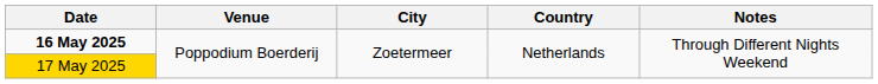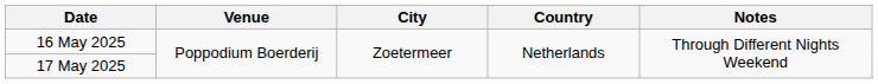 <table class="wikitable" style="text-align:center;">
 <tr>
 <th width="150">Date</th>
 <th width="180">Venue</th>
 <th width="150">City</th>
 <th width="150">Country</th>
 <th width="235">Notes</th>
 </tr>
 <tr>
-<td><strong>16 May 2025</strong></td>
+<td>16 May 2025</td>
 <td rowspan="2">Poppodium Boerderij</td>
 <td rowspan="2">Zoetermeer</td>
 <td rowspan="2">Netherlands</td>
 <td rowspan="2">Through Different Nights Weekend</td>
 </tr>
 <tr>
-<td style="background: gold;">17 May 2025</td>
+<td>17 May 2025</td>
 </tr>
 </table>
